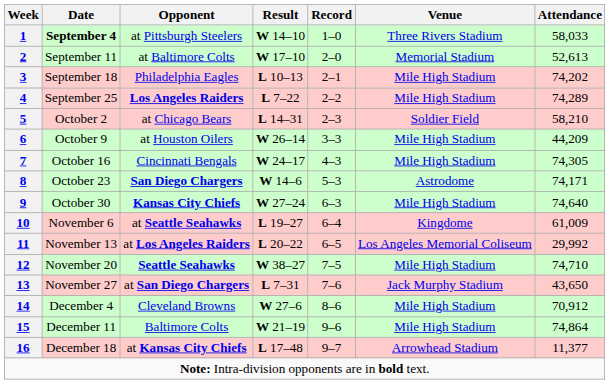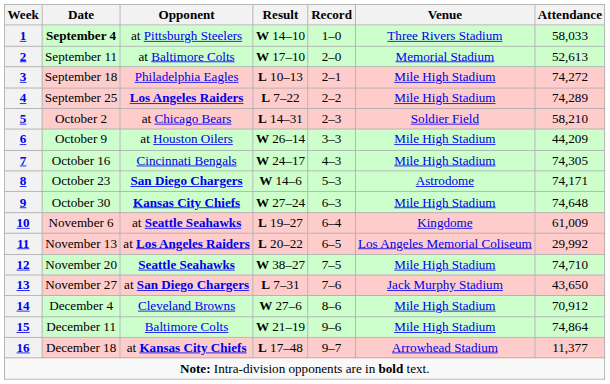 <table class="wikitable" style="text-align:center">
 <tr>
 <th>Week</th>
 <th>Date</th>
 <th>Opponent</th>
 <th>Result</th>
 <th>Record</th>
 <th>Venue</th>
 <th>Attendance</th>
 </tr>
 <tr style="background:#cfc">
 <th><a href='#'>1</a></th>
 <td><strong>September 4</strong></td>
 <td>at <a href='#'>Pittsburgh Steelers</a></td>
 <td><strong>W</strong> 14–10</td>
 <td>1–0</td>
 <td><a href='#'>Three Rivers Stadium</a></td>
 <td>58,033</td>
 </tr>
 <tr style="background:#cfc">
 <th><a href='#'>2</a></th>
 <td>September 11</td>
 <td>at <a href='#'>Baltimore Colts</a></td>
 <td><strong>W</strong> 17–10</td>
 <td>2–0</td>
 <td><a href='#'>Memorial Stadium</a></td>
 <td>52,613</td>
 </tr>
 <tr style="background:#fcc">
 <th><a href='#'>3</a></th>
 <td>September 18</td>
 <td><a href='#'>Philadelphia Eagles</a></td>
 <td><strong>L</strong> 10–13</td>
 <td>2–1</td>
 <td><a href='#'>Mile High Stadium</a></td>
-<td>74,202</td>
+<td>74,272</td>
 </tr>
 <tr style="background:#fcc">
 <th><a href='#'>4</a></th>
 <td>September 25</td>
 <td><strong><a href='#'>Los Angeles Raiders</a></strong></td>
 <td><strong>L</strong> 7–22</td>
 <td>2–2</td>
 <td><a href='#'>Mile High Stadium</a></td>
 <td>74,289</td>
 </tr>
 <tr style="background:#fcc">
 <th><a href='#'>5</a></th>
 <td>October 2</td>
 <td>at <a href='#'>Chicago Bears</a></td>
 <td><strong>L</strong> 14–31</td>
 <td>2–3</td>
 <td><a href='#'>Soldier Field</a></td>
 <td>58,210</td>
 </tr>
 <tr style="background:#cfc">
 <th><a href='#'>6</a></th>
 <td>October 9</td>
 <td>at <a href='#'>Houston Oilers</a></td>
 <td><strong>W</strong> 26–14</td>
 <td>3–3</td>
 <td><a href='#'>Mile High Stadium</a></td>
 <td>44,209</td>
 </tr>
 <tr style="background:#cfc">
 <th><a href='#'>7</a></th>
 <td>October 16</td>
 <td><a href='#'>Cincinnati Bengals</a></td>
 <td><strong>W</strong> 24–17</td>
 <td>4–3</td>
 <td><a href='#'>Mile High Stadium</a></td>
 <td>74,305</td>
 </tr>
 <tr style="background:#cfc">
 <th><a href='#'>8</a></th>
 <td>October 23</td>
 <td><strong><a href='#'>San Diego Chargers</a></strong></td>
 <td><strong>W</strong> 14–6</td>
 <td>5–3</td>
 <td><a href='#'>Astrodome</a></td>
 <td>74,171</td>
 </tr>
 <tr style="background:#cfc">
 <th><a href='#'>9</a></th>
 <td>October 30</td>
 <td><strong><a href='#'>Kansas City Chiefs</a></strong></td>
 <td><strong>W</strong> 27–24</td>
 <td>6–3</td>
 <td><a href='#'>Mile High Stadium</a></td>
-<td>74,640</td>
+<td>74,648</td>
 </tr>
 <tr style="background:#fcc">
 <th><a href='#'>10</a></th>
 <td>November 6</td>
 <td>at <strong><a href='#'>Seattle Seahawks</a></strong></td>
 <td><strong>L</strong> 19–27</td>
 <td>6–4</td>
 <td><a href='#'>Kingdome</a></td>
 <td>61,009</td>
 </tr>
 <tr style="background:#fcc">
 <th><a href='#'>11</a></th>
 <td>November 13</td>
 <td>at <strong><a href='#'>Los Angeles Raiders</a></strong></td>
 <td><strong>L</strong> 20–22</td>
 <td>6–5</td>
 <td><a href='#'>Los Angeles Memorial Coliseum</a></td>
 <td>29,992</td>
 </tr>
 <tr style="background:#cfc">
 <th><a href='#'>12</a></th>
 <td>November 20</td>
 <td><strong><a href='#'>Seattle Seahawks</a></strong></td>
 <td><strong>W</strong> 38–27</td>
 <td>7–5</td>
 <td><a href='#'>Mile High Stadium</a></td>
 <td>74,710</td>
 </tr>
 <tr style="background:#fcc">
 <th><a href='#'>13</a></th>
 <td>November 27</td>
 <td>at <strong><a href='#'>San Diego Chargers</a></strong></td>
 <td><strong>L</strong>  7–31</td>
 <td>7–6</td>
 <td><a href='#'>Jack Murphy Stadium</a></td>
 <td>43,650</td>
 </tr>
 <tr style="background:#cfc">
 <th><a href='#'>14</a></th>
 <td>December 4</td>
 <td><a href='#'>Cleveland Browns</a></td>
 <td><strong>W</strong> 27–6</td>
 <td>8–6</td>
 <td><a href='#'>Mile High Stadium</a></td>
 <td>70,912</td>
 </tr>
 <tr style="background:#cfc">
 <th><a href='#'>15</a></th>
 <td>December 11</td>
 <td><a href='#'>Baltimore Colts</a></td>
 <td><strong>W</strong> 21–19</td>
 <td>9–6</td>
 <td><a href='#'>Mile High Stadium</a></td>
 <td>74,864</td>
 </tr>
 <tr style="background:#fcc">
 <th><a href='#'>16</a></th>
 <td>December 18</td>
 <td>at <strong><a href='#'>Kansas City Chiefs</a></strong></td>
 <td><strong>L</strong> 17–48</td>
 <td>9–7</td>
 <td><a href='#'>Arrowhead Stadium</a></td>
 <td>11,377</td>
 </tr>
 <tr>
 <td colspan="8"><strong>Note:</strong> Intra-division opponents are in <strong>bold</strong> text.</td>
 </tr>
 </table>
